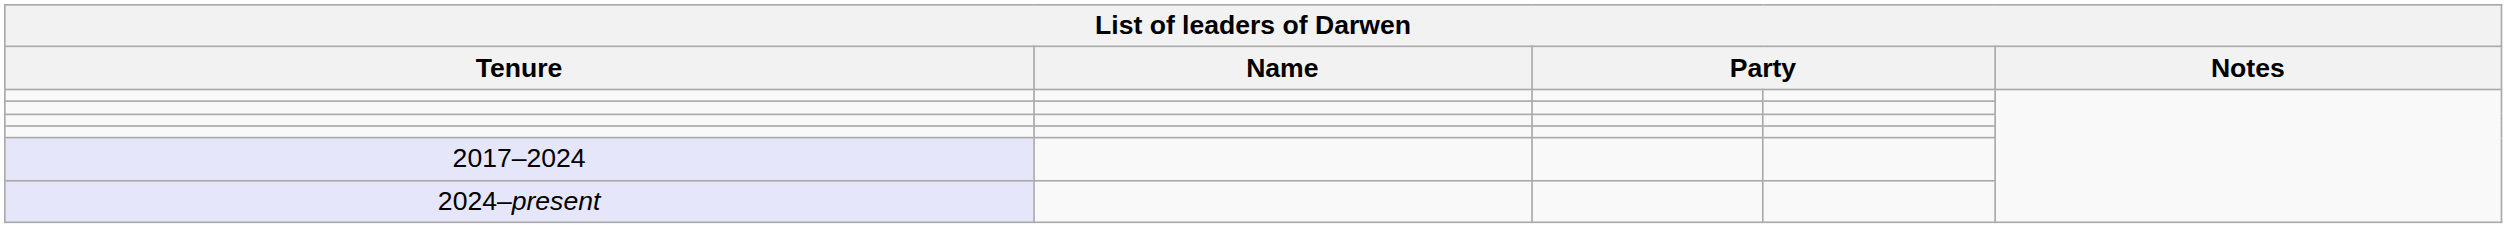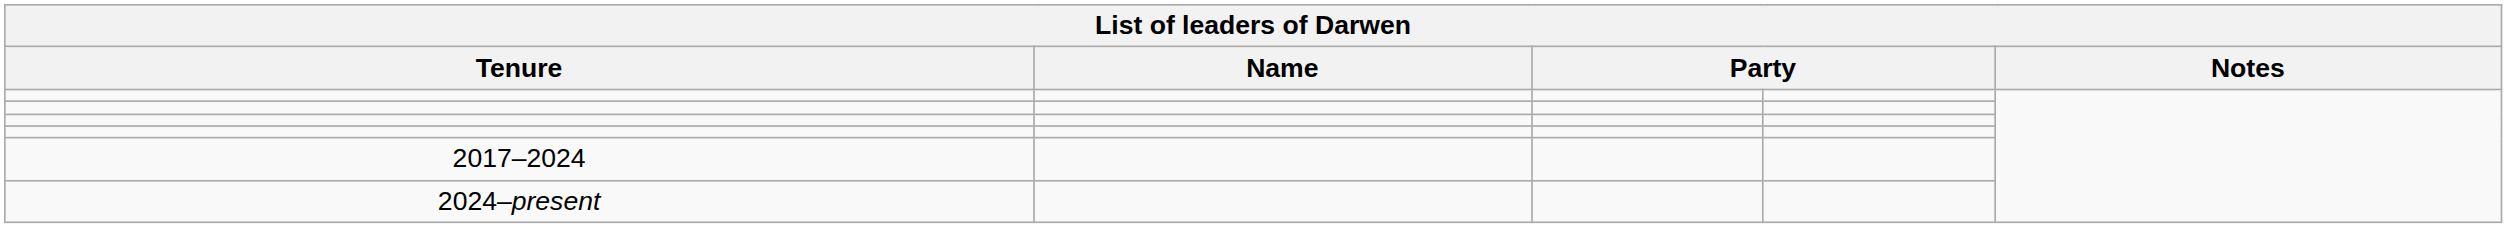 <table class="wikitable sortable"  style="width: 95%;" border="1" cellpadding="1">
 <tr>
 <th colspan="5">List of leaders of Darwen</th>
 </tr>
 <tr>
 <th>Tenure</th>
 <th>Name</th>
 <th colspan=2>Party</th>
 <th class=unsortable>Notes</th>
 </tr>
 <tr>
 <td align=center></td>
 <td></td>
 <td></td>
 <td></td>
 </tr>
 <tr>
 <td align=center></td>
 <td></td>
 <td></td>
 <td></td>
 </tr>
 <tr>
 <td align=center></td>
 <td></td>
 <td></td>
 <td></td>
 </tr>
 <tr>
 <td align=center></td>
 <td></td>
 <td></td>
 <td></td>
 </tr>
 <tr>
-<td align=center style="background: lavender;">2017–2024</td>
+<td align=center>2017–2024</td>
 <td></td>
 <td></td>
 <td></td>
 </tr>
 <tr>
-<td align=center style="background: lavender;">2024–<em>present</em></td>
+<td align=center>2024–<em>present</em></td>
 <td></td>
 <td></td>
 <td></td>
 </tr>
 </table>
